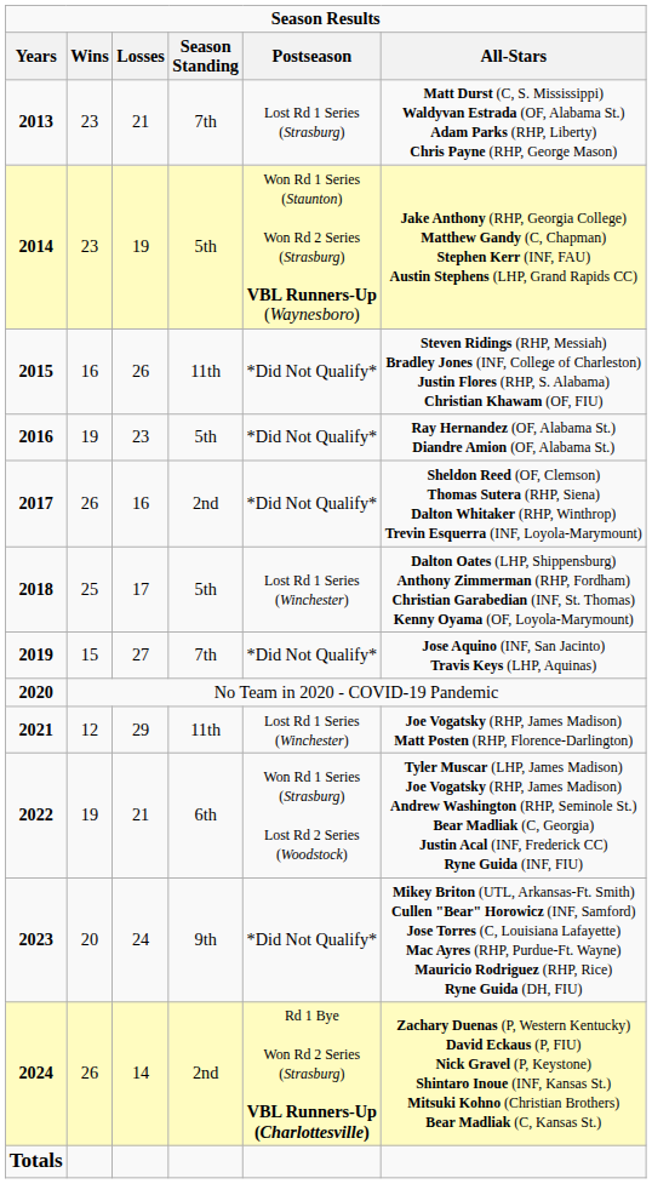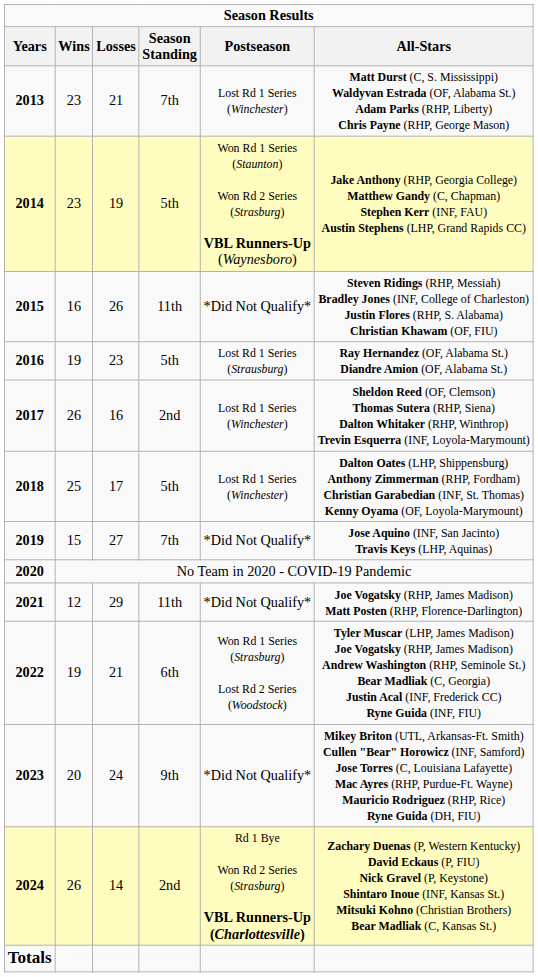 <table class="wikitable" style="text-align:center">
 <tr>
 <td colspan="6"><strong>Season Results</strong></td>
 </tr>
 <tr>
 <th>Years</th>
 <th>Wins</th>
 <th>Losses</th>
 <th>Season<br> Standing</th>
 <th>Postseason</th>
 <th>All-Stars</th>
 </tr>
 <tr>
 <td><strong>2013</strong></td>
 <td>23</td>
 <td>21</td>
 <td>7th</td>
-<td><small>Lost Rd 1 Series <br>(<em>Strasburg</em>)<br></small></td>
+<td><small>Lost Rd 1 Series <br>(<em>Winchester</em>)<br></small></td>
 <td><small><strong>Matt Durst</strong> (C, S. Mississippi)<br><strong>Waldyvan Estrada</strong> (OF, Alabama St.)<br><strong>Adam Parks</strong> (RHP, Liberty)<br><strong>Chris Payne</strong> (RHP, George Mason)</small></td>
 </tr>
 <tr>
 <td bgcolor=#fffcc><strong>2014</strong></td>
 <td bgcolor=#fffcc>23</td>
 <td bgcolor=#fffcc>19</td>
 <td bgcolor=#fffcc>5th</td>
 <td bgcolor=#fffcc><small>Won Rd 1 Series <br>(<em>Staunton</em>)<br></small><br><small>Won Rd 2 Series <br>(<em>Strasburg</em>)<br></small><br><strong>VBL Runners-Up</strong> <br>(<em>Waynesboro</em>)<br></td>
 <td bgcolor=#fffcc><small><strong>Jake Anthony</strong> (RHP, Georgia College)<br><strong>Matthew Gandy</strong> (C, Chapman)<br><strong>Stephen Kerr</strong> (INF, FAU)<br><strong>Austin Stephens</strong> (LHP, Grand Rapids CC)</small></td>
 </tr>
 <tr>
 <td><strong>2015</strong></td>
 <td>16</td>
 <td>26</td>
 <td>11th</td>
 <td>*Did Not Qualify*</td>
 <td><small><strong>Steven Ridings</strong> (RHP, Messiah)<br><strong>Bradley Jones</strong> (INF, College of Charleston)<br><strong>Justin Flores</strong> (RHP, S. Alabama)<br><strong>Christian Khawam</strong> (OF, FIU)</small></td>
 </tr>
 <tr>
 <td><strong>2016</strong></td>
 <td>19</td>
 <td>23</td>
 <td>5th</td>
-<td>*Did Not Qualify*</td>
+<td><small>Lost Rd 1 Series <br>(<em>Strausburg</em>)<br></small></td>
 <td><small><strong>Ray Hernandez</strong> (OF, Alabama St.)<br><strong>Diandre Amion</strong> (OF, Alabama St.)</small></td>
 </tr>
 <tr>
 <td><strong>2017</strong></td>
 <td>26</td>
 <td>16</td>
 <td>2nd</td>
-<td>*Did Not Qualify*</td>
+<td><small>Lost Rd 1 Series <br>(<em>Winchester</em>)<br></small></td>
 <td><small><strong>Sheldon Reed</strong> (OF, Clemson)<br><strong>Thomas Sutera</strong> (RHP, Siena)<br><strong>Dalton Whitaker</strong> (RHP, Winthrop)<br><strong>Trevin Esquerra</strong> (INF, Loyola-Marymount)</small></td>
 </tr>
 <tr>
 <td><strong>2018</strong></td>
 <td>25</td>
 <td>17</td>
 <td>5th</td>
 <td><small>Lost Rd 1 Series <br>(<em>Winchester</em>)<br></small></td>
 <td><small><strong>Dalton Oates</strong> (LHP, Shippensburg)<br><strong>Anthony Zimmerman</strong> (RHP, Fordham)<br><strong>Christian Garabedian</strong> (INF, St. Thomas)<br><strong>Kenny Oyama</strong> (OF, Loyola-Marymount)</small></td>
 </tr>
 <tr>
 <td><strong>2019</strong></td>
 <td>15</td>
 <td>27</td>
 <td>7th</td>
 <td>*Did Not Qualify*</td>
 <td><small><strong>Jose Aquino</strong> (INF, San Jacinto)<br><strong>Travis Keys</strong> (LHP, Aquinas)</small></td>
 </tr>
 <tr>
 <td><strong>2020</strong></td>
 <td colspan="5">No Team in 2020 - COVID-19 Pandemic</td>
 </tr>
 <tr>
 <td><strong>2021</strong></td>
 <td>12</td>
 <td>29</td>
 <td>11th</td>
-<td><small>Lost Rd 1 Series <br>(<em>Winchester</em>)<br></small></td>
+<td>*Did Not Qualify*</td>
 <td><small><strong>Joe Vogatsky</strong> (RHP, James Madison)<br><strong>Matt Posten</strong> (RHP, Florence-Darlington)</small></td>
 </tr>
 <tr>
 <td><strong>2022</strong></td>
 <td>19</td>
 <td>21</td>
 <td>6th</td>
 <td><small>Won Rd 1 Series <br>(<em>Strasburg</em>)<br></small><br><small>Lost Rd 2 Series <br>(<em>Woodstock</em>)<br></small></td>
 <td><small><strong>Tyler Muscar</strong> (LHP, James Madison)<br><strong>Joe Vogatsky</strong> (RHP, James Madison)<br><strong>Andrew Washington</strong> (RHP, Seminole St.)<br><strong>Bear Madliak</strong> (C, Georgia)<br><strong>Justin Acal</strong> (INF, Frederick CC)<br><strong>Ryne Guida</strong> (INF, FIU)</small></td>
 </tr>
 <tr>
 <td><strong>2023</strong></td>
 <td>20</td>
 <td>24</td>
 <td>9th</td>
 <td>*Did Not Qualify*</td>
 <td><small><strong>Mikey Briton</strong> (UTL, Arkansas-Ft. Smith)<br><strong>Cullen "Bear" Horowicz</strong> (INF, Samford)<br><strong>Jose Torres</strong> (C, Louisiana Lafayette)<br><strong>Mac Ayres</strong> (RHP, Purdue-Ft. Wayne)<br><strong>Mauricio Rodriguez</strong> (RHP, Rice)<br><strong>Ryne Guida</strong> (DH, FIU)</small></td>
 </tr>
 <tr>
 <td bgcolor=#fffcc><strong>2024</strong></td>
 <td bgcolor=#fffcc>26</td>
 <td bgcolor=#fffcc>14</td>
 <td bgcolor=#fffcc>2nd</td>
 <td bgcolor=#fffcc><small>Rd 1 Bye</small><br><br><small>Won Rd 2 Series <br>(<em>Strasburg</em>)<br></small><br><strong>VBL Runners-Up <br>(<em>Charlottesville</em>)<br></strong></td>
 <td bgcolor=#fffcc><small><strong>Zachary Duenas</strong> (P, Western Kentucky)<br><strong>David Eckaus</strong> (P, FIU)<br><strong>Nick Gravel</strong> (P, Keystone)<br><strong>Shintaro Inoue</strong> (INF, Kansas St.)<br><strong>Mitsuki Kohno</strong> (Christian Brothers)<br><strong>Bear Madliak</strong> (C, Kansas St.)</small></td>
 </tr>
 <tr>
 <td><strong><big>Totals</big></strong></td>
 <td></td>
 <td></td>
 <td></td>
 <td></td>
 <td></td>
 </tr>
 </table>
